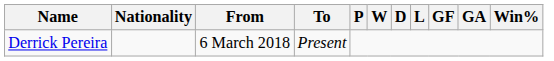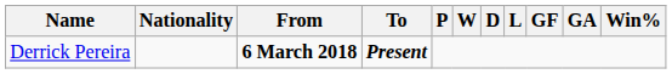 <table class="wikitable plainrowheaders sortable" style="text-align:center">
 <tr>
 <th>Name</th>
 <th>Nationality</th>
 <th>From</th>
 <th class="unsortable">To</th>
 <th>P</th>
 <th>W</th>
 <th>D</th>
 <th>L</th>
 <th>GF</th>
 <th>GA</th>
 <th>Win%</th>
 </tr>
 <tr>
 <td scope=row style=text-align:left><a href='#'>Derrick Pereira</a></td>
 <td align=left></td>
-<td align=left>6 March 2018</td>
-<td align=left><em>Present</em><br></td>
+<td align=left><strong>6 March 2018</strong></td>
+<td align=left><strong><em>Present</em><br></strong></td>
 </tr>
 </table>
